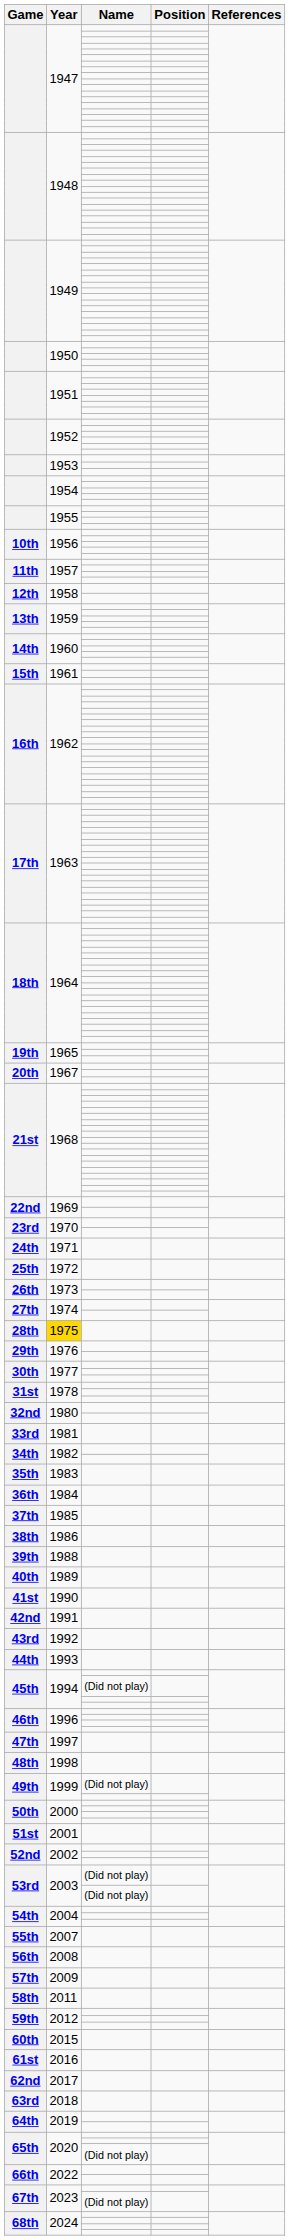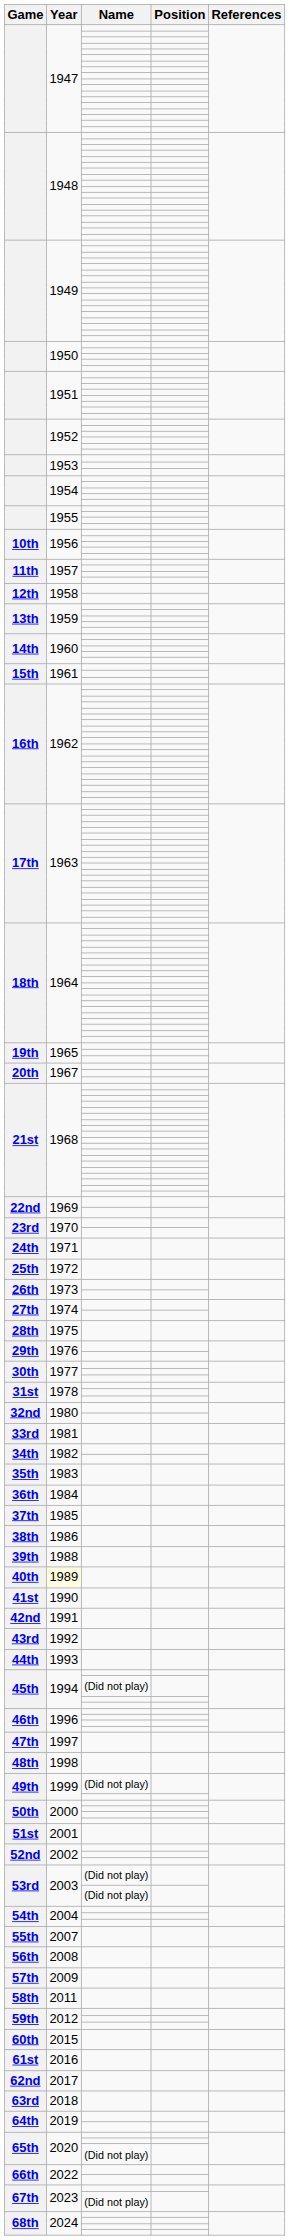 <table class="wikitable sortable">
 <tr>
 <th scope="col">Game</th>
 <th scope="col">Year</th>
 <th scope="col">Name</th>
 <th scope="col">Position</th>
 <th scope="col" class="unsortable">References</th>
 </tr>
 <tr>
 <th scope="row" rowspan="18"></th>
 <td rowspan="18">1947</td>
 <td></td>
 <td></td>
 <td rowspan="18"></td>
 </tr>
 <tr>
 <td></td>
 <td></td>
 </tr>
 <tr>
 <td></td>
 <td></td>
 </tr>
 <tr>
 <td></td>
 <td></td>
 </tr>
 <tr>
 <td></td>
 <td></td>
 </tr>
 <tr>
 <td></td>
 <td></td>
 </tr>
 <tr>
 <td></td>
 <td></td>
 </tr>
 <tr>
 <td></td>
 <td></td>
 </tr>
 <tr>
 <td></td>
 <td></td>
 </tr>
 <tr>
 <td></td>
 <td></td>
 </tr>
 <tr>
 <td></td>
 <td></td>
 </tr>
 <tr>
 <td></td>
 <td></td>
 </tr>
 <tr>
 <td></td>
 <td></td>
 </tr>
 <tr>
 <td></td>
 <td></td>
 </tr>
 <tr>
 <td></td>
 <td></td>
 </tr>
 <tr>
 <td></td>
 <td></td>
 </tr>
 <tr>
 <td></td>
 <td></td>
 </tr>
 <tr>
 <td></td>
 <td></td>
 </tr>
 <tr>
 <th scope="row"  rowspan="18"></th>
 <td rowspan="18">1948</td>
 <td></td>
 <td></td>
 <td rowspan="18"></td>
 </tr>
 <tr>
 <td></td>
 <td></td>
 </tr>
 <tr>
 <td></td>
 <td></td>
 </tr>
 <tr>
 <td></td>
 <td></td>
 </tr>
 <tr>
 <td></td>
 <td></td>
 </tr>
 <tr>
 <td></td>
 <td></td>
 </tr>
 <tr>
 <td></td>
 <td></td>
 </tr>
 <tr>
 <td></td>
 <td></td>
 </tr>
 <tr>
 <td></td>
 <td></td>
 </tr>
 <tr>
 <td></td>
 <td></td>
 </tr>
 <tr>
 <td></td>
 <td></td>
 </tr>
 <tr>
 <td></td>
 <td></td>
 </tr>
 <tr>
 <td></td>
 <td></td>
 </tr>
 <tr>
 <td></td>
 <td></td>
 </tr>
 <tr>
 <td></td>
 <td></td>
 </tr>
 <tr>
 <td></td>
 <td></td>
 </tr>
 <tr>
 <td></td>
 <td></td>
 </tr>
 <tr>
 <td></td>
 <td></td>
 </tr>
 <tr>
 <th scope="row" rowspan="17"></th>
 <td rowspan="17">1949</td>
 <td></td>
 <td></td>
 <td rowspan="17"></td>
 </tr>
 <tr>
 <td></td>
 <td></td>
 </tr>
 <tr>
 <td></td>
 <td></td>
 </tr>
 <tr>
 <td></td>
 <td></td>
 </tr>
 <tr>
 <td></td>
 <td></td>
 </tr>
 <tr>
 <td></td>
 <td></td>
 </tr>
 <tr>
 <td></td>
 <td></td>
 </tr>
 <tr>
 <td></td>
 <td></td>
 </tr>
 <tr>
 <td></td>
 <td></td>
 </tr>
 <tr>
 <td></td>
 <td></td>
 </tr>
 <tr>
 <td></td>
 <td></td>
 </tr>
 <tr>
 <td></td>
 <td></td>
 </tr>
 <tr>
 <td></td>
 <td></td>
 </tr>
 <tr>
 <td></td>
 <td></td>
 </tr>
 <tr>
 <td></td>
 <td></td>
 </tr>
 <tr>
 <td></td>
 <td></td>
 </tr>
 <tr>
 <td></td>
 <td></td>
 </tr>
 <tr>
 <th scope="row" rowspan="5"></th>
 <td rowspan="5">1950</td>
 <td></td>
 <td></td>
 <td rowspan="5"></td>
 </tr>
 <tr>
 <td></td>
 <td></td>
 </tr>
 <tr>
 <td></td>
 <td></td>
 </tr>
 <tr>
 <td></td>
 <td></td>
 </tr>
 <tr>
 <td></td>
 <td></td>
 </tr>
 <tr>
 <th scope="row" rowspan="8"></th>
 <td rowspan="8">1951</td>
 <td></td>
 <td></td>
 <td rowspan="8"></td>
 </tr>
 <tr>
 <td></td>
 <td></td>
 </tr>
 <tr>
 <td></td>
 <td></td>
 </tr>
 <tr>
 <td></td>
 <td></td>
 </tr>
 <tr>
 <td></td>
 <td></td>
 </tr>
 <tr>
 <td></td>
 <td></td>
 </tr>
 <tr>
 <td></td>
 <td></td>
 </tr>
 <tr>
 <td></td>
 <td></td>
 </tr>
 <tr>
 <th scope="row" rowspan="6"></th>
 <td rowspan="6">1952</td>
 <td></td>
 <td></td>
 <td rowspan="6"></td>
 </tr>
 <tr>
 <td></td>
 <td></td>
 </tr>
 <tr>
 <td></td>
 <td></td>
 </tr>
 <tr>
 <td></td>
 <td></td>
 </tr>
 <tr>
 <td></td>
 <td></td>
 </tr>
 <tr>
 <td></td>
 <td></td>
 </tr>
 <tr>
 <th scope="row" rowspan="3"></th>
 <td rowspan="3">1953</td>
 <td></td>
 <td></td>
 <td rowspan="3"></td>
 </tr>
 <tr>
 <td></td>
 <td></td>
 </tr>
 <tr>
 <td></td>
 <td></td>
 </tr>
 <tr>
 <th scope="row" rowspan="5"></th>
 <td rowspan="5">1954</td>
 <td></td>
 <td></td>
 <td rowspan="5"></td>
 </tr>
 <tr>
 <td></td>
 <td></td>
 </tr>
 <tr>
 <td></td>
 <td></td>
 </tr>
 <tr>
 <td></td>
 <td></td>
 </tr>
 <tr>
 <td></td>
 <td></td>
 </tr>
 <tr>
 <th scope="row" rowspan="4"></th>
 <td rowspan="4">1955</td>
 <td></td>
 <td></td>
 <td rowspan="4"></td>
 </tr>
 <tr>
 <td></td>
 <td></td>
 </tr>
 <tr>
 <td></td>
 <td></td>
 </tr>
 <tr>
 <td></td>
 <td></td>
 </tr>
 <tr>
 <th scope="row" rowspan="5"><a href='#'>10th</a></th>
 <td rowspan="5">1956</td>
 <td></td>
 <td></td>
 <td rowspan="5"></td>
 </tr>
 <tr>
 <td></td>
 <td></td>
 </tr>
 <tr>
 <td></td>
 <td></td>
 </tr>
 <tr>
 <td></td>
 <td></td>
 </tr>
 <tr>
 <td></td>
 <td></td>
 </tr>
 <tr>
 <th scope="row" rowspan="4"><a href='#'>11th</a></th>
 <td rowspan="4">1957</td>
 <td></td>
 <td></td>
 <td rowspan="4"></td>
 </tr>
 <tr>
 <td></td>
 <td></td>
 </tr>
 <tr>
 <td></td>
 <td></td>
 </tr>
 <tr>
 <td></td>
 <td></td>
 </tr>
 <tr>
 <th scope="row" rowspan="2"><a href='#'>12th</a></th>
 <td rowspan="2">1958</td>
 <td></td>
 <td></td>
 <td rowspan="2"></td>
 </tr>
 <tr>
 <td></td>
 <td></td>
 </tr>
 <tr>
 <th scope="row" rowspan="5"><a href='#'>13th</a></th>
 <td rowspan="5">1959</td>
 <td></td>
 <td></td>
 <td rowspan="5"></td>
 </tr>
 <tr>
 <td></td>
 <td></td>
 </tr>
 <tr>
 <td></td>
 <td></td>
 </tr>
 <tr>
 <td></td>
 <td></td>
 </tr>
 <tr>
 <td></td>
 <td></td>
 </tr>
 <tr>
 <th scope="row" rowspan="5"><a href='#'>14th</a></th>
 <td rowspan="5">1960</td>
 <td></td>
 <td></td>
 <td rowspan="5"></td>
 </tr>
 <tr>
 <td></td>
 <td></td>
 </tr>
 <tr>
 <td></td>
 <td></td>
 </tr>
 <tr>
 <td></td>
 <td></td>
 </tr>
 <tr>
 <td></td>
 <td></td>
 </tr>
 <tr>
 <th scope="row" rowspan="3"><a href='#'>15th</a></th>
 <td rowspan="3">1961</td>
 <td></td>
 <td></td>
 <td rowspan="3"></td>
 </tr>
 <tr>
 <td></td>
 <td></td>
 </tr>
 <tr>
 <td></td>
 <td></td>
 </tr>
 <tr>
 <th scope="row" rowspan="20"><a href='#'>16th</a></th>
 <td rowspan="20">1962</td>
 <td></td>
 <td></td>
 <td rowspan="20"></td>
 </tr>
 <tr>
 <td></td>
 <td></td>
 </tr>
 <tr>
 <td></td>
 <td></td>
 </tr>
 <tr>
 <td></td>
 <td></td>
 </tr>
 <tr>
 <td></td>
 <td></td>
 </tr>
 <tr>
 <td></td>
 <td></td>
 </tr>
 <tr>
 <td></td>
 <td></td>
 </tr>
 <tr>
 <td></td>
 <td></td>
 </tr>
 <tr>
 <td></td>
 <td></td>
 </tr>
 <tr>
 <td></td>
 <td></td>
 </tr>
 <tr>
 <td></td>
 <td></td>
 </tr>
 <tr>
 <td></td>
 <td></td>
 </tr>
 <tr>
 <td></td>
 <td></td>
 </tr>
 <tr>
 <td></td>
 <td></td>
 </tr>
 <tr>
 <td></td>
 <td></td>
 </tr>
 <tr>
 <td></td>
 <td></td>
 </tr>
 <tr>
 <td></td>
 <td></td>
 </tr>
 <tr>
 <td></td>
 <td></td>
 </tr>
 <tr>
 <td></td>
 <td></td>
 </tr>
 <tr>
 <td></td>
 <td></td>
 </tr>
 <tr>
 <th scope="row" rowspan="20"><a href='#'>17th</a></th>
 <td rowspan="20">1963</td>
 <td></td>
 <td></td>
 <td rowspan="20"></td>
 </tr>
 <tr>
 <td></td>
 <td></td>
 </tr>
 <tr>
 <td></td>
 <td></td>
 </tr>
 <tr>
 <td></td>
 <td></td>
 </tr>
 <tr>
 <td></td>
 <td></td>
 </tr>
 <tr>
 <td></td>
 <td></td>
 </tr>
 <tr>
 <td></td>
 <td></td>
 </tr>
 <tr>
 <td></td>
 <td></td>
 </tr>
 <tr>
 <td></td>
 <td></td>
 </tr>
 <tr>
 <td></td>
 <td></td>
 </tr>
 <tr>
 <td></td>
 <td></td>
 </tr>
 <tr>
 <td></td>
 <td></td>
 </tr>
 <tr>
 <td></td>
 <td></td>
 </tr>
 <tr>
 <td></td>
 <td></td>
 </tr>
 <tr>
 <td></td>
 <td></td>
 </tr>
 <tr>
 <td></td>
 <td></td>
 </tr>
 <tr>
 <td></td>
 <td></td>
 </tr>
 <tr>
 <td></td>
 <td></td>
 </tr>
 <tr>
 <td></td>
 <td></td>
 </tr>
 <tr>
 <td></td>
 <td></td>
 </tr>
 <tr>
 <th scope="row" rowspan="20"><a href='#'>18th</a></th>
 <td rowspan="20">1964</td>
 <td></td>
 <td></td>
 <td rowspan="20"></td>
 </tr>
 <tr>
 <td></td>
 <td></td>
 </tr>
 <tr>
 <td></td>
 <td></td>
 </tr>
 <tr>
 <td></td>
 <td></td>
 </tr>
 <tr>
 <td></td>
 <td></td>
 </tr>
 <tr>
 <td></td>
 <td></td>
 </tr>
 <tr>
 <td></td>
 <td></td>
 </tr>
 <tr>
 <td></td>
 <td></td>
 </tr>
 <tr>
 <td></td>
 <td></td>
 </tr>
 <tr>
 <td></td>
 <td></td>
 </tr>
 <tr>
 <td></td>
 <td></td>
 </tr>
 <tr>
 <td></td>
 <td></td>
 </tr>
 <tr>
 <td></td>
 <td></td>
 </tr>
 <tr>
 <td></td>
 <td></td>
 </tr>
 <tr>
 <td></td>
 <td></td>
 </tr>
 <tr>
 <td></td>
 <td></td>
 </tr>
 <tr>
 <td></td>
 <td></td>
 </tr>
 <tr>
 <td></td>
 <td></td>
 </tr>
 <tr>
 <td></td>
 <td></td>
 </tr>
 <tr>
 <td></td>
 <td></td>
 </tr>
 <tr>
 <th scope="row" rowspan="3"><a href='#'>19th</a></th>
 <td rowspan="3">1965</td>
 <td></td>
 <td></td>
 <td rowspan="3"></td>
 </tr>
 <tr>
 <td></td>
 <td></td>
 </tr>
 <tr>
 <td></td>
 <td></td>
 </tr>
 <tr>
 <th scope="row" rowspan="3"><a href='#'>20th</a></th>
 <td rowspan="3">1967</td>
 <td></td>
 <td></td>
 <td rowspan="3"></td>
 </tr>
 <tr>
 <td></td>
 <td></td>
 </tr>
 <tr>
 <td></td>
 <td></td>
 </tr>
 <tr>
 <th scope="row" rowspan="19"><a href='#'>21st</a></th>
 <td rowspan="19">1968</td>
 <td></td>
 <td></td>
 <td rowspan="19"></td>
 </tr>
 <tr>
 <td></td>
 <td></td>
 </tr>
 <tr>
 <td></td>
 <td></td>
 </tr>
 <tr>
 <td></td>
 <td></td>
 </tr>
 <tr>
 <td></td>
 <td></td>
 </tr>
 <tr>
 <td></td>
 <td></td>
 </tr>
 <tr>
 <td></td>
 <td></td>
 </tr>
 <tr>
 <td></td>
 <td></td>
 </tr>
 <tr>
 <td></td>
 <td></td>
 </tr>
 <tr>
 <td></td>
 <td></td>
 </tr>
 <tr>
 <td></td>
 <td></td>
 </tr>
 <tr>
 <td></td>
 <td></td>
 </tr>
 <tr>
 <td></td>
 <td></td>
 </tr>
 <tr>
 <td></td>
 <td></td>
 </tr>
 <tr>
 <td></td>
 <td></td>
 </tr>
 <tr>
 <td></td>
 <td></td>
 </tr>
 <tr>
 <td></td>
 <td></td>
 </tr>
 <tr>
 <td></td>
 <td></td>
 </tr>
 <tr>
 <td></td>
 <td></td>
 </tr>
 <tr>
 <th scope="row" rowspan="2"><a href='#'>22nd</a></th>
 <td rowspan="2">1969</td>
 <td></td>
 <td></td>
 <td rowspan="2"></td>
 </tr>
 <tr>
 <td></td>
 <td></td>
 </tr>
 <tr>
 <th scope="row" rowspan="2"><a href='#'>23rd</a></th>
 <td rowspan="2">1970</td>
 <td></td>
 <td></td>
 <td rowspan="2"></td>
 </tr>
 <tr>
 <td></td>
 <td></td>
 </tr>
 <tr>
 <th scope="row"><a href='#'>24th</a></th>
 <td>1971</td>
 <td></td>
 <td></td>
 <td></td>
 </tr>
 <tr>
 <th scope="row"><a href='#'>25th</a></th>
 <td>1972</td>
 <td></td>
 <td></td>
 <td></td>
 </tr>
 <tr>
 <th scope="row" rowspan="2"><a href='#'>26th</a></th>
 <td rowspan="2">1973</td>
 <td></td>
 <td></td>
 <td rowspan="2"></td>
 </tr>
 <tr>
 <td></td>
 <td></td>
 </tr>
 <tr>
 <th scope="row" rowspan="2"><a href='#'>27th</a></th>
 <td rowspan="2">1974</td>
 <td></td>
 <td></td>
 <td rowspan="2"></td>
 </tr>
 <tr>
 <td></td>
 <td></td>
 </tr>
 <tr>
 <th scope="row"><a href='#'>28th</a></th>
-<td style="background: gold;">1975</td>
+<td>1975</td>
 <td></td>
 <td></td>
 <td></td>
 </tr>
 <tr>
 <th scope="row" rowspan="2"><a href='#'>29th</a></th>
 <td rowspan="2">1976</td>
 <td></td>
 <td></td>
 <td rowspan="2"></td>
 </tr>
 <tr>
 <td></td>
 <td></td>
 </tr>
 <tr>
 <th scope="row" rowspan="3"><a href='#'>30th</a></th>
 <td rowspan="3">1977</td>
 <td></td>
 <td></td>
 <td rowspan="3"></td>
 </tr>
 <tr>
 <td></td>
 <td></td>
 </tr>
 <tr>
 <td></td>
 <td></td>
 </tr>
 <tr>
 <th scope="row" rowspan="3"><a href='#'>31st</a></th>
 <td rowspan="3">1978</td>
 <td></td>
 <td></td>
 <td rowspan="3"></td>
 </tr>
 <tr>
 <td></td>
 <td></td>
 </tr>
 <tr>
 <td></td>
 <td></td>
 </tr>
 <tr>
 <th scope="row" rowspan="2"><a href='#'>32nd</a></th>
 <td rowspan="2">1980</td>
 <td></td>
 <td></td>
 <td rowspan="2"></td>
 </tr>
 <tr>
 <td></td>
 <td></td>
 </tr>
 <tr>
 <th scope="row"><a href='#'>33rd</a></th>
 <td>1981</td>
 <td></td>
 <td></td>
 <td></td>
 </tr>
 <tr>
 <th scope="row" rowspan="2"><a href='#'>34th</a></th>
 <td rowspan="2">1982</td>
 <td></td>
 <td></td>
 <td rowspan="2"></td>
 </tr>
 <tr>
 <td></td>
 <td></td>
 </tr>
 <tr>
 <th scope="row"><a href='#'>35th</a></th>
 <td>1983</td>
 <td></td>
 <td></td>
 <td></td>
 </tr>
 <tr>
 <th scope="row"><a href='#'>36th</a></th>
 <td>1984</td>
 <td></td>
 <td></td>
 <td></td>
 </tr>
 <tr>
 <th scope="row"><a href='#'>37th</a></th>
 <td>1985</td>
 <td></td>
 <td></td>
 <td></td>
 </tr>
 <tr>
 <th scope="row"><a href='#'>38th</a></th>
 <td>1986</td>
 <td></td>
 <td></td>
 <td></td>
 </tr>
 <tr>
 <th scope="row"><a href='#'>39th</a></th>
 <td>1988</td>
 <td></td>
 <td></td>
 <td></td>
 </tr>
 <tr>
 <th scope="row"><a href='#'>40th</a></th>
-<td>1989</td>
+<td style="background: lightyellow;">1989</td>
 <td></td>
 <td></td>
 <td></td>
 </tr>
 <tr>
 <th scope="row"><a href='#'>41st</a></th>
 <td>1990</td>
 <td></td>
 <td></td>
 <td></td>
 </tr>
 <tr>
 <th scope="row"><a href='#'>42nd</a></th>
 <td>1991</td>
 <td></td>
 <td></td>
 <td></td>
 </tr>
 <tr>
 <th scope="row"><a href='#'>43rd</a></th>
 <td>1992</td>
 <td></td>
 <td></td>
 <td></td>
 </tr>
 <tr>
 <th scope="row"><a href='#'>44th</a></th>
 <td>1993</td>
 <td></td>
 <td></td>
 <td></td>
 </tr>
 <tr>
 <th scope="row" rowspan="4"><a href='#'>45th</a></th>
 <td rowspan="4">1994</td>
 <td></td>
 <td></td>
 <td rowspan="4"></td>
 </tr>
 <tr>
 <td> <small>(Did not play)</small></td>
 <td></td>
 </tr>
 <tr>
 <td></td>
 <td></td>
 </tr>
 <tr>
 <td></td>
 <td></td>
 </tr>
 <tr>
 <th scope="row" rowspan="4"><a href='#'>46th</a></th>
 <td rowspan="4">1996</td>
 <td></td>
 <td></td>
 <td rowspan="4"></td>
 </tr>
 <tr>
 <td></td>
 <td></td>
 </tr>
 <tr>
 <td></td>
 <td></td>
 </tr>
 <tr>
 <td></td>
 <td></td>
 </tr>
 <tr>
 <th scope="row"><a href='#'>47th</a></th>
 <td>1997</td>
 <td></td>
 <td></td>
 <td></td>
 </tr>
 <tr>
 <th scope="row"><a href='#'>48th</a></th>
 <td>1998</td>
 <td></td>
 <td></td>
 <td></td>
 </tr>
 <tr>
 <th scope="row" rowspan="2"><a href='#'>49th</a></th>
 <td rowspan="2">1999</td>
 <td> <small>(Did not play)</small></td>
 <td></td>
 <td rowspan="2"></td>
 </tr>
 <tr>
 <td></td>
 <td></td>
 </tr>
 <tr>
 <th scope="row" rowspan="4"><a href='#'>50th</a></th>
 <td rowspan="4">2000</td>
 <td></td>
 <td></td>
 <td rowspan="4"></td>
 </tr>
 <tr>
 <td></td>
 <td></td>
 </tr>
 <tr>
 <td></td>
 <td></td>
 </tr>
 <tr>
 <td></td>
 <td></td>
 </tr>
 <tr>
 <th scope="row"><a href='#'>51st</a></th>
 <td>2001</td>
 <td></td>
 <td></td>
 <td></td>
 </tr>
 <tr>
 <th scope="row" rowspan="3"><a href='#'>52nd</a></th>
 <td rowspan="3">2002</td>
 <td></td>
 <td></td>
 <td rowspan="3"></td>
 </tr>
 <tr>
 <td></td>
 <td></td>
 </tr>
 <tr>
 <td></td>
 <td></td>
 </tr>
 <tr>
 <th scope="row" rowspan="2"><a href='#'>53rd</a></th>
 <td rowspan="2">2003</td>
 <td> <small>(Did not play)</small></td>
 <td></td>
 <td rowspan="2"></td>
 </tr>
 <tr>
 <td> <small>(Did not play)</small></td>
 <td></td>
 </tr>
 <tr>
 <th scope="row" rowspan="3"><a href='#'>54th</a></th>
 <td rowspan="3">2004</td>
 <td></td>
 <td></td>
 <td rowspan="3"></td>
 </tr>
 <tr>
 <td></td>
 <td></td>
 </tr>
 <tr>
 <td></td>
 <td></td>
 </tr>
 <tr>
 <th scope="row"><a href='#'>55th</a></th>
 <td>2007</td>
 <td></td>
 <td></td>
 <td></td>
 </tr>
 <tr>
 <th scope="row"><a href='#'>56th</a></th>
 <td>2008</td>
 <td></td>
 <td></td>
 <td></td>
 </tr>
 <tr>
 <th scope="row"><a href='#'>57th</a></th>
 <td>2009</td>
 <td></td>
 <td></td>
 <td></td>
 </tr>
 <tr>
 <th scope="row"><a href='#'>58th</a></th>
 <td>2011</td>
 <td></td>
 <td></td>
 <td></td>
 </tr>
 <tr>
 <th scope="row" rowspan="3"><a href='#'>59th</a></th>
 <td rowspan="3">2012</td>
 <td></td>
 <td></td>
 <td rowspan="3"></td>
 </tr>
 <tr>
 <td></td>
 <td></td>
 </tr>
 <tr>
 <td></td>
 <td></td>
 </tr>
 <tr>
 <th scope="row"><a href='#'>60th</a></th>
 <td>2015</td>
 <td></td>
 <td></td>
 <td></td>
 </tr>
 <tr>
 <th scope="row"><a href='#'>61st</a></th>
 <td>2016</td>
 <td></td>
 <td></td>
 <td></td>
 </tr>
 <tr>
 <th scope="row"><a href='#'>62nd</a></th>
 <td>2017</td>
 <td></td>
 <td></td>
 <td></td>
 </tr>
 <tr>
 <th scope="row"><a href='#'>63rd</a></th>
 <td>2018</td>
 <td></td>
 <td></td>
 <td></td>
 </tr>
 <tr>
 <th scope="row" rowspan="2"><a href='#'>64th</a></th>
 <td rowspan="2">2019</td>
 <td></td>
 <td></td>
 <td rowspan="2"></td>
 </tr>
 <tr>
 <td></td>
 <td></td>
 </tr>
 <tr>
 <th scope="row" rowspan="3"><a href='#'>65th</a></th>
 <td rowspan="3">2020</td>
 <td></td>
 <td></td>
 <td rowspan="3"></td>
 </tr>
 <tr>
 <td></td>
 <td></td>
 </tr>
 <tr>
 <td> <small>(Did not play)</small></td>
 <td></td>
 </tr>
 <tr>
 <th scope="row" rowspan="2"><a href='#'>66th</a></th>
 <td rowspan="2">2022</td>
 <td></td>
 <td></td>
 <td rowspan="2"></td>
 </tr>
 <tr>
 <td></td>
 <td></td>
 </tr>
 <tr>
 <th scope="row" rowspan="2"><a href='#'>67th</a></th>
 <td rowspan="2">2023</td>
 <td></td>
 <td></td>
 <td rowspan="2"></td>
 </tr>
 <tr>
 <td><small>(Did not play)</small></td>
 <td></td>
 </tr>
 <tr>
 <th scope="row" rowspan="4"><a href='#'>68th</a></th>
 <td rowspan="4">2024</td>
 <td></td>
 <td></td>
 <td rowspan="4"></td>
 </tr>
 <tr>
 <td></td>
 <td></td>
 </tr>
 <tr>
 <td></td>
 <td></td>
 </tr>
 <tr>
 <td></td>
 <td></td>
 </tr>
 </table>
